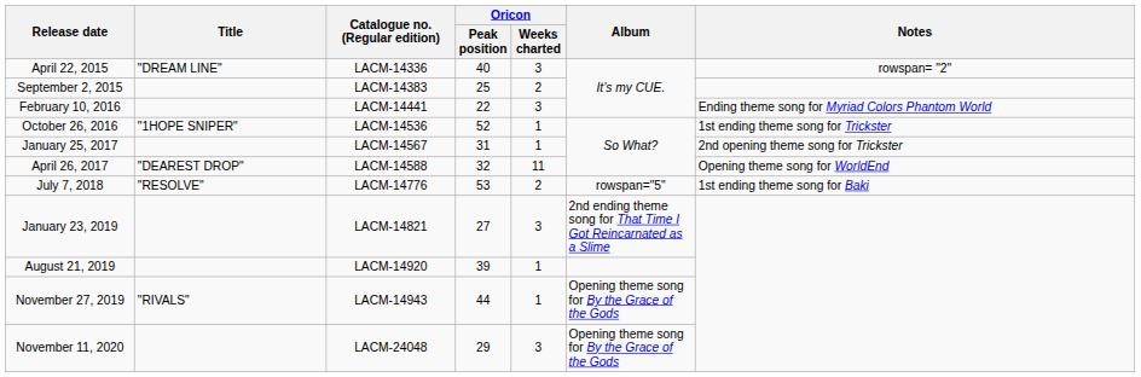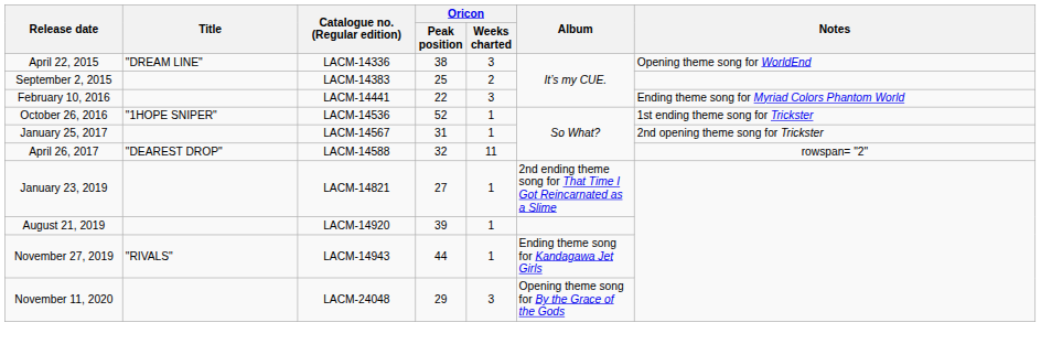 <table class="wikitable plainrowheaders" style="text-align:center">
 <tr>
 <th rowspan=2; style="width:10em;">Release date</th>
 <th rowspan=2; style="width:15em;">Title</th>
 <th rowspan=2; style="width:10em;">Catalogue no.<br>(Regular edition)</th>
 <th colspan=2; style="width:8em;"><a href='#'>Oricon</a></th>
 <th rowspan=2; style="width:10em;">Album</th>
 <th rowspan=2; style="width:35em;">Notes</th>
 </tr>
 <tr>
 <th style="width:4em;">Peak<br>position</th>
 <th style="width:4em;">Weeks<br>charted</th>
 </tr>
 <tr>
 <td>April 22, 2015</td>
 <td align=left>"DREAM LINE"</td>
 <td>LACM-14336</td>
-<td>40</td>
+<td>38</td>
 <td>3</td>
 <td rowspan="3"><em>It’s my CUE.</em></td>
-<td>rowspan= "2" </td>
+<td align=left>Opening theme song for <em><a href='#'>WorldEnd</a></em></td>
 </tr>
 <tr>
 <td>September 2, 2015</td>
 <td align=left></td>
 <td>LACM-14383</td>
 <td>25</td>
 <td>2</td>
 </tr>
 <tr>
 <td>February 10, 2016</td>
 <td align=left></td>
 <td>LACM-14441</td>
 <td>22</td>
 <td>3</td>
 <td align=left>Ending theme song for <em><a href='#'>Myriad Colors Phantom World</a></em></td>
 </tr>
 <tr>
 <td>October 26, 2016</td>
 <td align=left>"1HOPE SNIPER"</td>
 <td>LACM-14536</td>
 <td>52</td>
 <td>1</td>
 <td rowspan="3"><em>So What?</em></td>
 <td align=left>1st ending theme song for <em><a href='#'>Trickster</a></em></td>
 </tr>
 <tr>
 <td>January 25, 2017</td>
 <td align=left></td>
 <td>LACM-14567</td>
 <td>31</td>
 <td>1</td>
 <td align=left>2nd opening theme song for <em>Trickster</em></td>
 </tr>
 <tr>
 <td>April 26, 2017</td>
 <td align=left>"DEAREST DROP"</td>
 <td>LACM-14588</td>
 <td>32</td>
 <td>11</td>
-<td align=left>Opening theme song for <em><a href='#'>WorldEnd</a></em></td>
-</tr>
-<tr>
-<td>July 7, 2018</td>
-<td align=left>"RESOLVE"</td>
-<td>LACM-14776</td>
-<td>53</td>
-<td>2</td>
-<td>rowspan="5" </td>
-<td align=left>1st ending theme song for <em><a href='#'>Baki</a></em></td>
+<td>rowspan= "2" </td>
 </tr>
 <tr>
 <td>January 23, 2019</td>
 <td align=left></td>
 <td>LACM-14821</td>
 <td>27</td>
-<td>3</td>
+<td>1</td>
 <td align=left>2nd ending theme song for <em><a href='#'>That Time I Got Reincarnated as a Slime</a></em></td>
 </tr>
 <tr>
 <td>August 21, 2019</td>
 <td align=left></td>
 <td>LACM-14920</td>
 <td>39</td>
 <td>1</td>
 <td></td>
 </tr>
 <tr>
 <td>November 27, 2019</td>
 <td align=left>"RIVALS"</td>
 <td>LACM-14943</td>
 <td>44</td>
 <td>1</td>
-<td align=left>Opening theme song for <em><a href='#'>By the Grace of the Gods</a></em></td>
+<td align=left>Ending theme song for <em><a href='#'>Kandagawa Jet Girls</a></em></td>
 </tr>
 <tr>
 <td>November 11, 2020</td>
 <td align=left></td>
 <td>LACM-24048</td>
 <td>29</td>
 <td>3</td>
 <td align=left>Opening theme song for <em><a href='#'>By the Grace of the Gods</a></em></td>
 </tr>
 </table>
